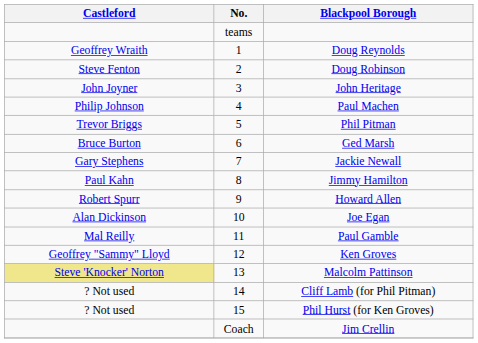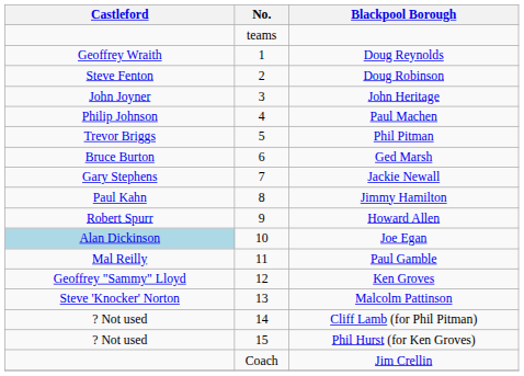 <table class="wikitable" style="text-align:center;">
 <tr>
 <th width=280 abbr=winner><a href='#'>Castleford</a></th>
 <th width=60 abbr="Number">No.</th>
 <th width=280 abbr=runner-up><a href='#'>Blackpool Borough</a></th>
 </tr>
 <tr>
 <td></td>
 <td>teams</td>
 <td></td>
 </tr>
 <tr>
 <td><a href='#'>Geoffrey Wraith</a></td>
 <td>1</td>
 <td><a href='#'>Doug Reynolds</a></td>
 </tr>
 <tr>
 <td><a href='#'>Steve Fenton</a></td>
 <td>2</td>
 <td><a href='#'>Doug Robinson</a></td>
 </tr>
 <tr>
 <td><a href='#'>John Joyner</a></td>
 <td>3</td>
 <td><a href='#'>John Heritage</a></td>
 </tr>
 <tr>
 <td><a href='#'>Philip Johnson</a></td>
 <td>4</td>
 <td><a href='#'>Paul Machen</a></td>
 </tr>
 <tr>
 <td><a href='#'>Trevor Briggs</a></td>
 <td>5</td>
 <td><a href='#'>Phil Pitman</a></td>
 </tr>
 <tr>
 <td><a href='#'>Bruce Burton</a></td>
 <td>6</td>
 <td><a href='#'>Ged Marsh</a></td>
 </tr>
 <tr>
 <td><a href='#'>Gary Stephens</a></td>
 <td>7</td>
 <td><a href='#'>Jackie Newall</a></td>
 </tr>
 <tr>
 <td><a href='#'>Paul Kahn</a></td>
 <td>8</td>
 <td><a href='#'>Jimmy Hamilton</a></td>
 </tr>
 <tr>
 <td><a href='#'>Robert Spurr</a></td>
 <td>9</td>
 <td><a href='#'>Howard Allen</a></td>
 </tr>
 <tr>
-<td><a href='#'>Alan Dickinson</a></td>
+<td style="background: lightblue;"><a href='#'>Alan Dickinson</a></td>
 <td>10</td>
 <td><a href='#'>Joe Egan</a></td>
 </tr>
 <tr>
 <td><a href='#'>Mal Reilly</a></td>
 <td>11</td>
 <td><a href='#'>Paul Gamble</a></td>
 </tr>
 <tr>
 <td><a href='#'>Geoffrey "Sammy" Lloyd</a></td>
 <td>12</td>
 <td><a href='#'>Ken Groves</a></td>
 </tr>
 <tr>
-<td style="background: khaki;"><a href='#'>Steve 'Knocker' Norton</a></td>
+<td><a href='#'>Steve 'Knocker' Norton</a></td>
 <td>13</td>
 <td><a href='#'>Malcolm Pattinson</a></td>
 </tr>
 <tr>
 <td>? Not used</td>
 <td>14</td>
 <td><a href='#'>Cliff Lamb</a> (for Phil Pitman)</td>
 </tr>
 <tr>
 <td>? Not used</td>
 <td>15</td>
 <td><a href='#'>Phil Hurst</a> (for Ken Groves)</td>
 </tr>
 <tr>
 <td></td>
 <td>Coach</td>
 <td><a href='#'>Jim Crellin</a></td>
 </tr>
 <tr>
 </tr>
 </table>
